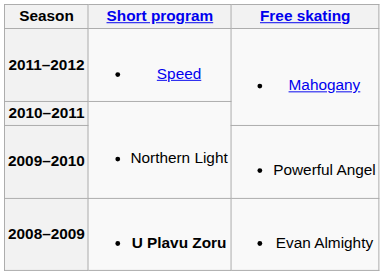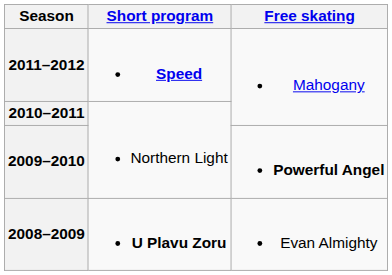 <table class=wikitable style=text-align:center>
 <tr>
 <th>Season</th>
 <th><a href='#'>Short program</a></th>
 <th><a href='#'>Free skating</a></th>
 </tr>
 <tr>
 <th>2011–2012 <br> </th>
-<td><br><ul><li><a href='#'>Speed</a> <br></li></ul></td>
+<td><strong><br><ul><li><a href='#'>Speed</a> <br></li></ul></strong></td>
 <td rowspan=2><br><ul><li><a href='#'>Mahogany</a> <br></li></ul></td>
 </tr>
 <tr>
 <th>2010–2011 <br> </th>
 <td rowspan=2><br><ul><li>Northern Light <br></li></ul></td>
 </tr>
 <tr>
 <th>2009–2010 <br> </th>
-<td><br><ul><li>Powerful Angel <br></li></ul></td>
+<td><strong><br><ul><li>Powerful Angel <br></li></ul></strong></td>
 </tr>
 <tr>
 <th>2008–2009 <br> </th>
 <td><strong><br><ul><li>U Plavu Zoru <br></li></ul></strong></td>
 <td><br><ul><li>Evan Almighty <br></li></ul></td>
 </tr>
 </table>
